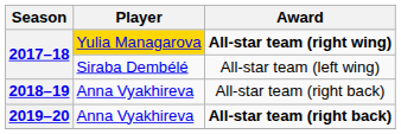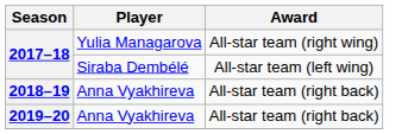 <table class="wikitable" style="text-align: center;">
 <tr>
 <th>Season</th>
 <th class="unsortable">Player</th>
 <th>Award</th>
 </tr>
 <tr>
 <th rowspan="2"><a href='#'>2017–18</a></th>
-<td style="background: gold; text-align: left;"> <a href='#'>Yulia Managarova</a></td>
-<td><strong>All-star team (right wing)</strong></td>
+<td style="text-align: left;"> <a href='#'>Yulia Managarova</a></td>
+<td>All-star team (right wing)</td>
 </tr>
 <tr>
 <td style="text-align: left;"> <a href='#'>Siraba Dembélé</a></td>
 <td>All-star team (left wing)</td>
 </tr>
 <tr>
 <th><a href='#'>2018–19</a></th>
 <td style="text-align: left;"> <a href='#'>Anna Vyakhireva</a></td>
 <td>All-star team (right back)</td>
 </tr>
 <tr>
 <th><a href='#'>2019–20</a></th>
 <td style="text-align: left;"> <a href='#'>Anna Vyakhireva</a></td>
-<td><strong>All-star team (right back)</strong></td>
+<td>All-star team (right back)</td>
 </tr>
 <tr>
 </tr>
 </table>
